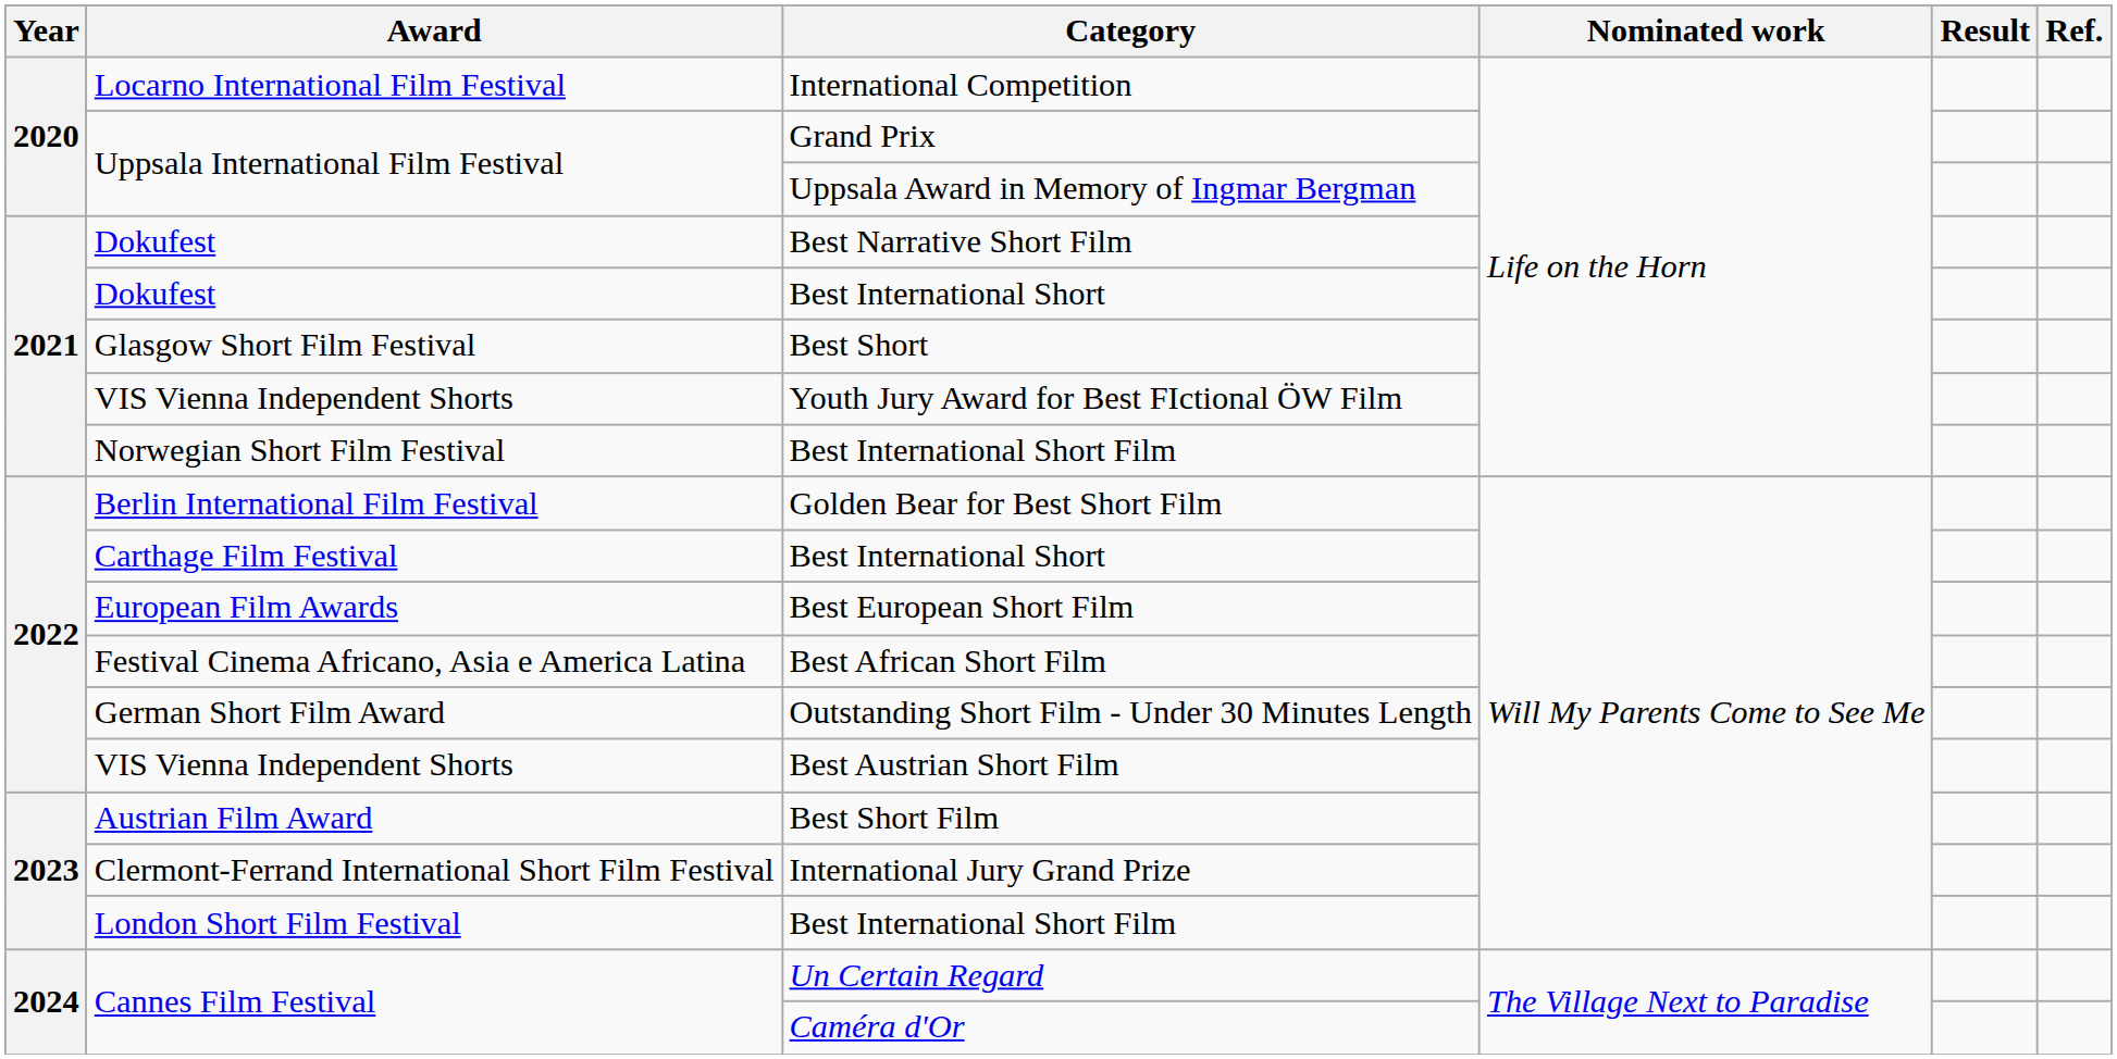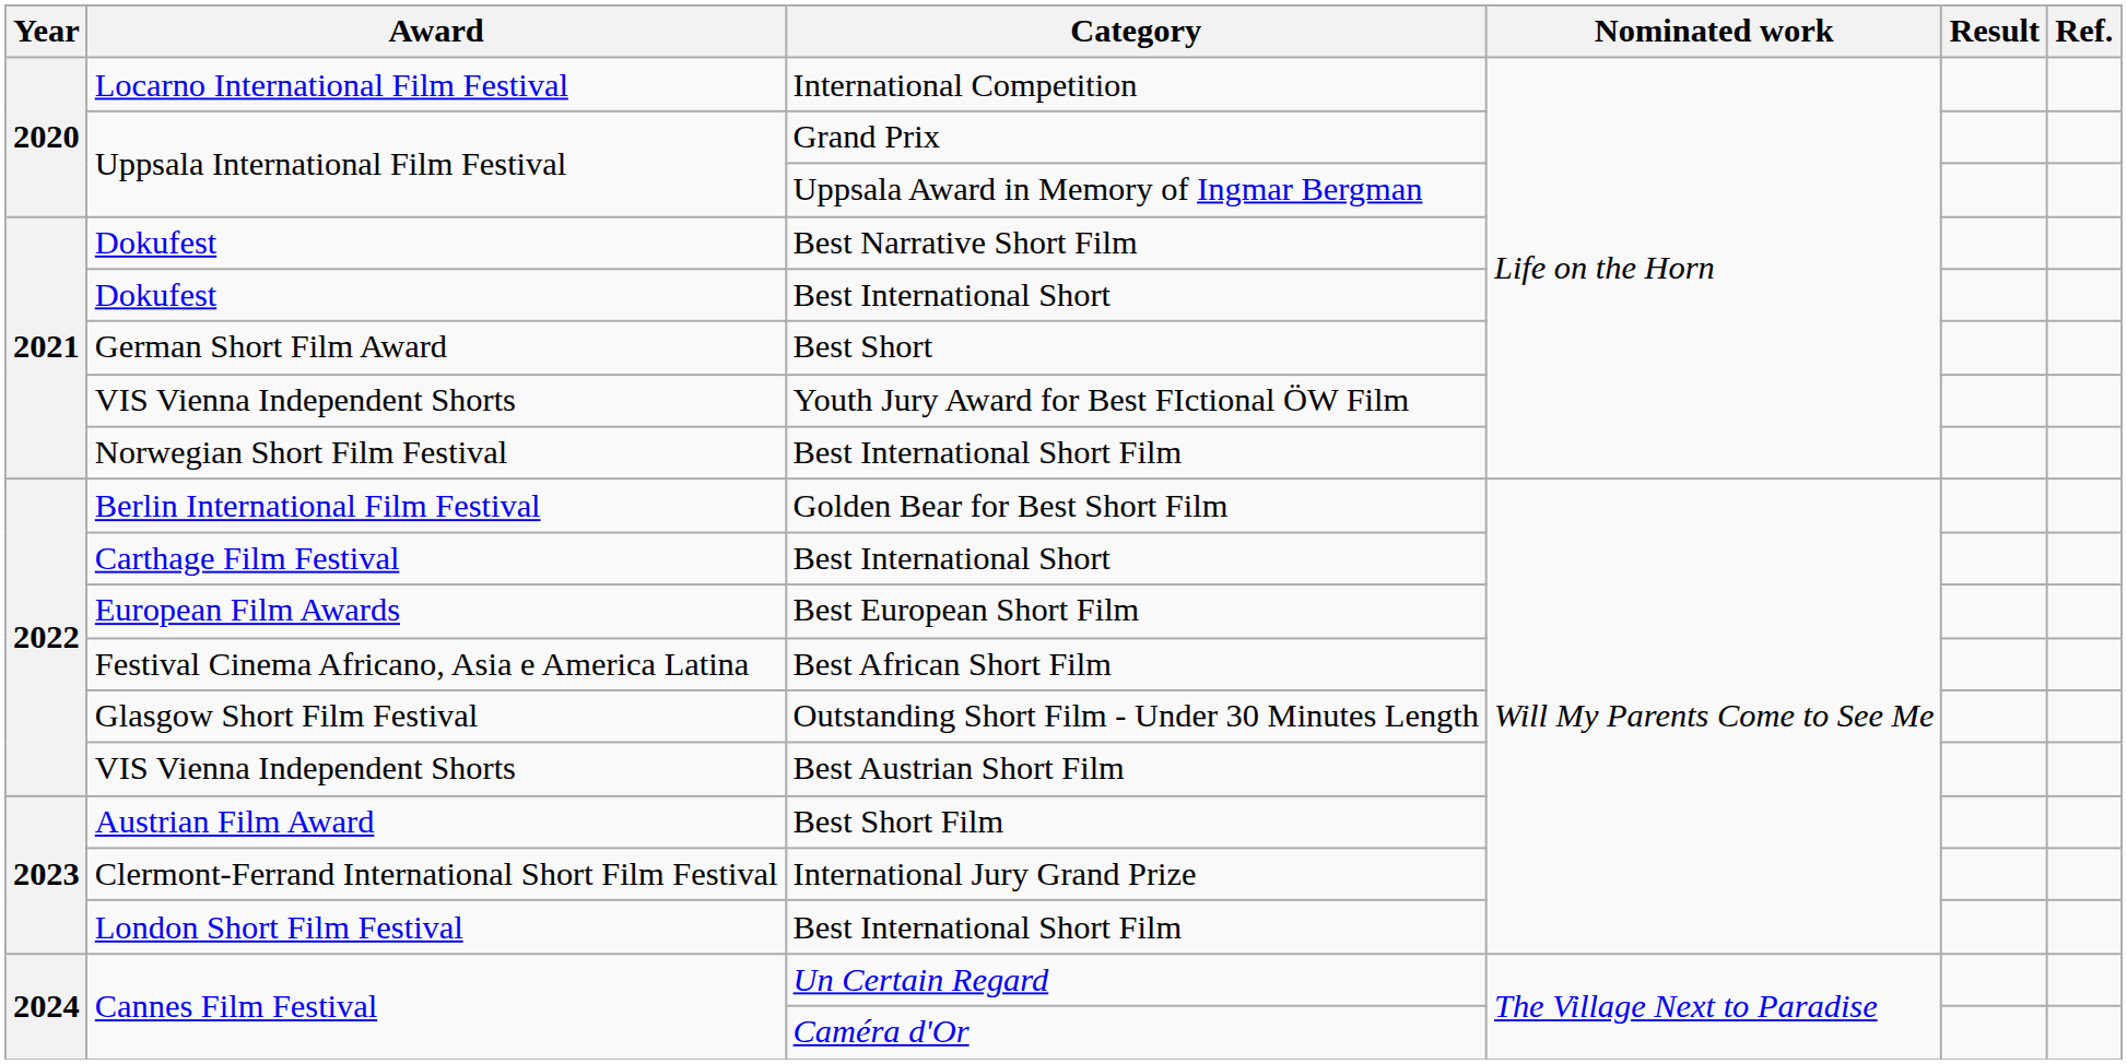 <table class="wikitable sortable plainrowheaders">
 <tr>
 <th scope="col">Year</th>
 <th scope="col">Award</th>
 <th scope="col">Category</th>
 <th scope="col">Nominated work</th>
 <th scope="col">Result</th>
 <th scope="col" class= "unsortable">Ref.</th>
 </tr>
 <tr>
 <th scope="row" rowspan="3">2020</th>
 <td><a href='#'>Locarno International Film Festival</a></td>
 <td>International Competition</td>
 <td rowspan="8"><em>Life on the Horn</em></td>
 <td></td>
 <td align="center"></td>
 </tr>
 <tr>
 <td rowspan="2">Uppsala International Film Festival</td>
 <td>Grand Prix</td>
 <td></td>
 <td align="center"></td>
 </tr>
 <tr>
 <td>Uppsala Award in Memory of <a href='#'>Ingmar Bergman</a></td>
 <td></td>
 <td align="center"></td>
 </tr>
 <tr>
 <th scope="row" rowspan="5">2021</th>
 <td><a href='#'>Dokufest</a></td>
 <td>Best Narrative Short Film</td>
 <td></td>
 <td align="center"></td>
 </tr>
 <tr>
 <td><a href='#'>Dokufest</a></td>
 <td>Best International Short</td>
 <td></td>
 <td align="center"></td>
 </tr>
 <tr>
-<td>Glasgow Short Film Festival</td>
+<td>German Short Film Award</td>
 <td>Best Short</td>
 <td></td>
 <td align="center"></td>
 </tr>
 <tr>
 <td>VIS Vienna Independent Shorts</td>
 <td>Youth Jury Award for Best FIctional ÖW Film</td>
 <td></td>
 <td align="center"></td>
 </tr>
 <tr>
 <td>Norwegian Short Film Festival</td>
 <td>Best International Short Film</td>
 <td></td>
 <td align="center"></td>
 </tr>
 <tr>
 <th scope="row" rowspan="6">2022</th>
 <td><a href='#'>Berlin International Film Festival</a></td>
 <td>Golden Bear for Best Short Film</td>
 <td rowspan="9"><em>Will My Parents Come to See Me</em></td>
 <td></td>
 <td align="center"></td>
 </tr>
 <tr>
 <td><a href='#'>Carthage Film Festival</a></td>
 <td>Best International Short</td>
 <td></td>
 <td align="center"></td>
 </tr>
 <tr>
 <td><a href='#'>European Film Awards</a></td>
 <td>Best European Short Film</td>
 <td></td>
 <td align="center"></td>
 </tr>
 <tr>
 <td>Festival Cinema Africano, Asia e America Latina</td>
 <td>Best African Short Film</td>
 <td></td>
 <td align="center"></td>
 </tr>
 <tr>
-<td>German Short Film Award</td>
+<td>Glasgow Short Film Festival</td>
 <td>Outstanding Short Film - Under 30 Minutes Length</td>
 <td></td>
 <td align="center"></td>
 </tr>
 <tr>
 <td>VIS Vienna Independent Shorts</td>
 <td>Best Austrian Short Film</td>
 <td align="center"></td>
 </tr>
 <tr>
 <th scope="row" rowspan="3">2023</th>
 <td><a href='#'>Austrian Film Award</a></td>
 <td>Best Short Film</td>
 <td></td>
 <td align="center"></td>
 </tr>
 <tr>
 <td>Clermont-Ferrand International Short Film Festival</td>
 <td>International Jury Grand Prize</td>
 <td></td>
 <td align="center"></td>
 </tr>
 <tr>
 <td><a href='#'>London Short Film Festival</a></td>
 <td>Best International Short Film</td>
 <td></td>
 <td align="center"></td>
 </tr>
 <tr>
 <th scope="row" rowspan="2">2024</th>
 <td rowspan="2"><a href='#'>Cannes Film Festival</a></td>
 <td><em><a href='#'>Un Certain Regard</a></em></td>
 <td rowspan="2"><em><a href='#'>The Village Next to Paradise</a></em></td>
 <td></td>
 <td align="center"></td>
 </tr>
 <tr>
 <td><em><a href='#'>Caméra d'Or</a></em></td>
 <td></td>
 <td align="center"></td>
 </tr>
 </table>
